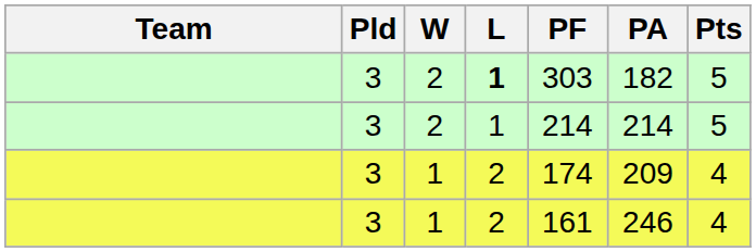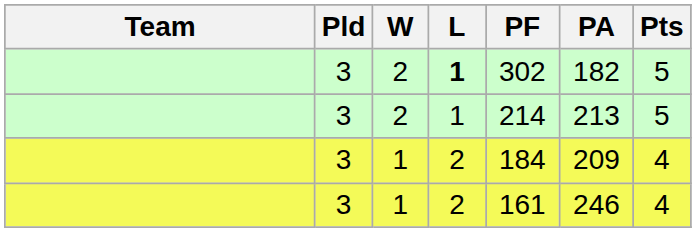 <table class="wikitable" style="text-align:center;">
 <tr>
 <th width=170>Team</th>
 <th width=25>Pld</th>
 <th width=25>W</th>
 <th width=25>L</th>
 <th width=35>PF</th>
 <th width=35>PA</th>
 <th width=25>Pts</th>
 </tr>
 <tr bgcolor=#ccffcc>
 <td align="left"></td>
 <td>3</td>
 <td>2</td>
 <td><strong>1</strong></td>
-<td>303</td>
+<td>302</td>
 <td>182</td>
 <td>5</td>
 </tr>
 <tr bgcolor=#ccffcc>
 <td align="left"></td>
 <td>3</td>
 <td>2</td>
 <td>1</td>
 <td>214</td>
-<td>214</td>
+<td>213</td>
 <td>5</td>
 </tr>
 <tr bgcolor=#F4FA58>
 <td align="left"></td>
 <td>3</td>
 <td>1</td>
 <td>2</td>
-<td>174</td>
+<td>184</td>
 <td>209</td>
 <td>4</td>
 </tr>
 <tr bgcolor=#F4FA58>
 <td align="left"></td>
 <td>3</td>
 <td>1</td>
 <td>2</td>
 <td>161</td>
 <td>246</td>
 <td>4</td>
 </tr>
 </table>
